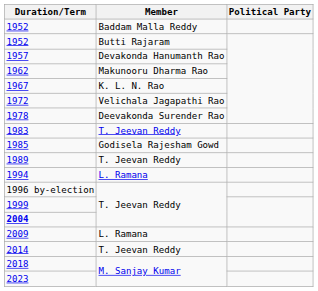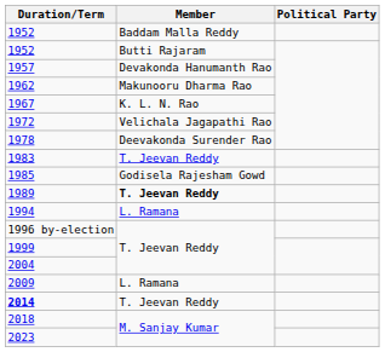 <table class="wikitable sortable">
 <tr>
 <th>Duration/Term</th>
 <th>Member</th>
 <th colspan="2">Political Party</th>
 </tr>
 <tr>
 <td><a href='#'>1952</a></td>
 <td>Baddam Malla Reddy</td>
 <td></td>
 </tr>
 <tr>
 <td><a href='#'>1952</a></td>
 <td>Butti Rajaram</td>
 </tr>
 <tr>
 <td><a href='#'>1957</a></td>
 <td>Devakonda Hanumanth Rao</td>
 </tr>
 <tr>
 <td><a href='#'>1962</a></td>
 <td>Makunooru Dharma Rao</td>
 </tr>
 <tr>
 <td><a href='#'>1967</a></td>
 <td>K. L. N. Rao</td>
 </tr>
 <tr>
 <td><a href='#'>1972</a></td>
 <td>Velichala Jagapathi Rao</td>
 </tr>
 <tr>
 <td><a href='#'>1978</a></td>
 <td>Deevakonda Surender Rao</td>
 </tr>
 <tr>
 <td><a href='#'>1983</a></td>
 <td><a href='#'>T. Jeevan Reddy</a></td>
 <td></td>
 </tr>
 <tr>
 <td><a href='#'>1985</a></td>
 <td>Godisela Rajesham Gowd</td>
 </tr>
 <tr>
 <td><a href='#'>1989</a></td>
-<td>T. Jeevan Reddy</td>
+<td><strong>T. Jeevan Reddy</strong></td>
 <td></td>
 </tr>
 <tr>
 <td><a href='#'>1994</a></td>
 <td><a href='#'>L. Ramana</a></td>
 <td></td>
 </tr>
 <tr>
 <td>1996 by-election</td>
 <td rowspan="3">T. Jeevan Reddy</td>
 <td></td>
 </tr>
 <tr>
 <td><a href='#'>1999</a></td>
 </tr>
 <tr>
-<td><strong><a href='#'>2004</a></strong></td>
+<td><a href='#'>2004</a></td>
 </tr>
 <tr>
 <td><a href='#'>2009</a></td>
 <td>L. Ramana</td>
 <td></td>
 </tr>
 <tr>
-<td><a href='#'>2014</a></td>
+<td><strong><a href='#'>2014</a></strong></td>
 <td>T. Jeevan Reddy</td>
 <td></td>
 </tr>
 <tr>
 <td><a href='#'>2018</a></td>
 <td rowspan=2><a href='#'>M. Sanjay Kumar</a></td>
 <td></td>
 </tr>
 <tr>
 <td><a href='#'>2023</a></td>
 <td></td>
 </tr>
 </table>
